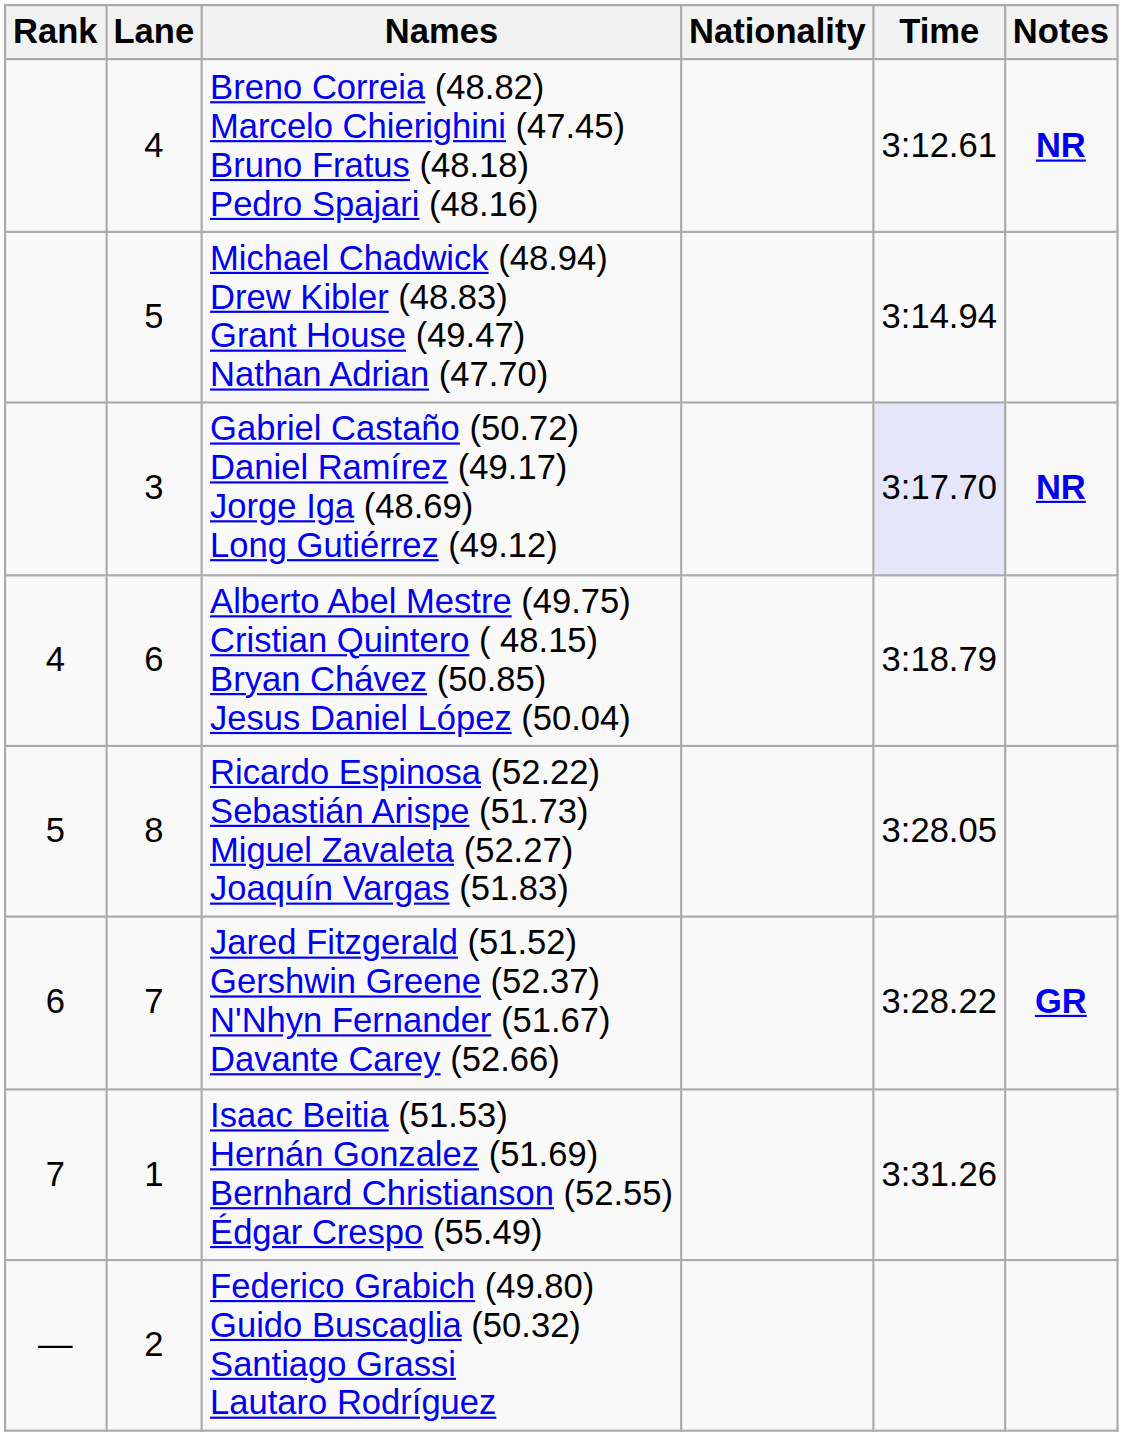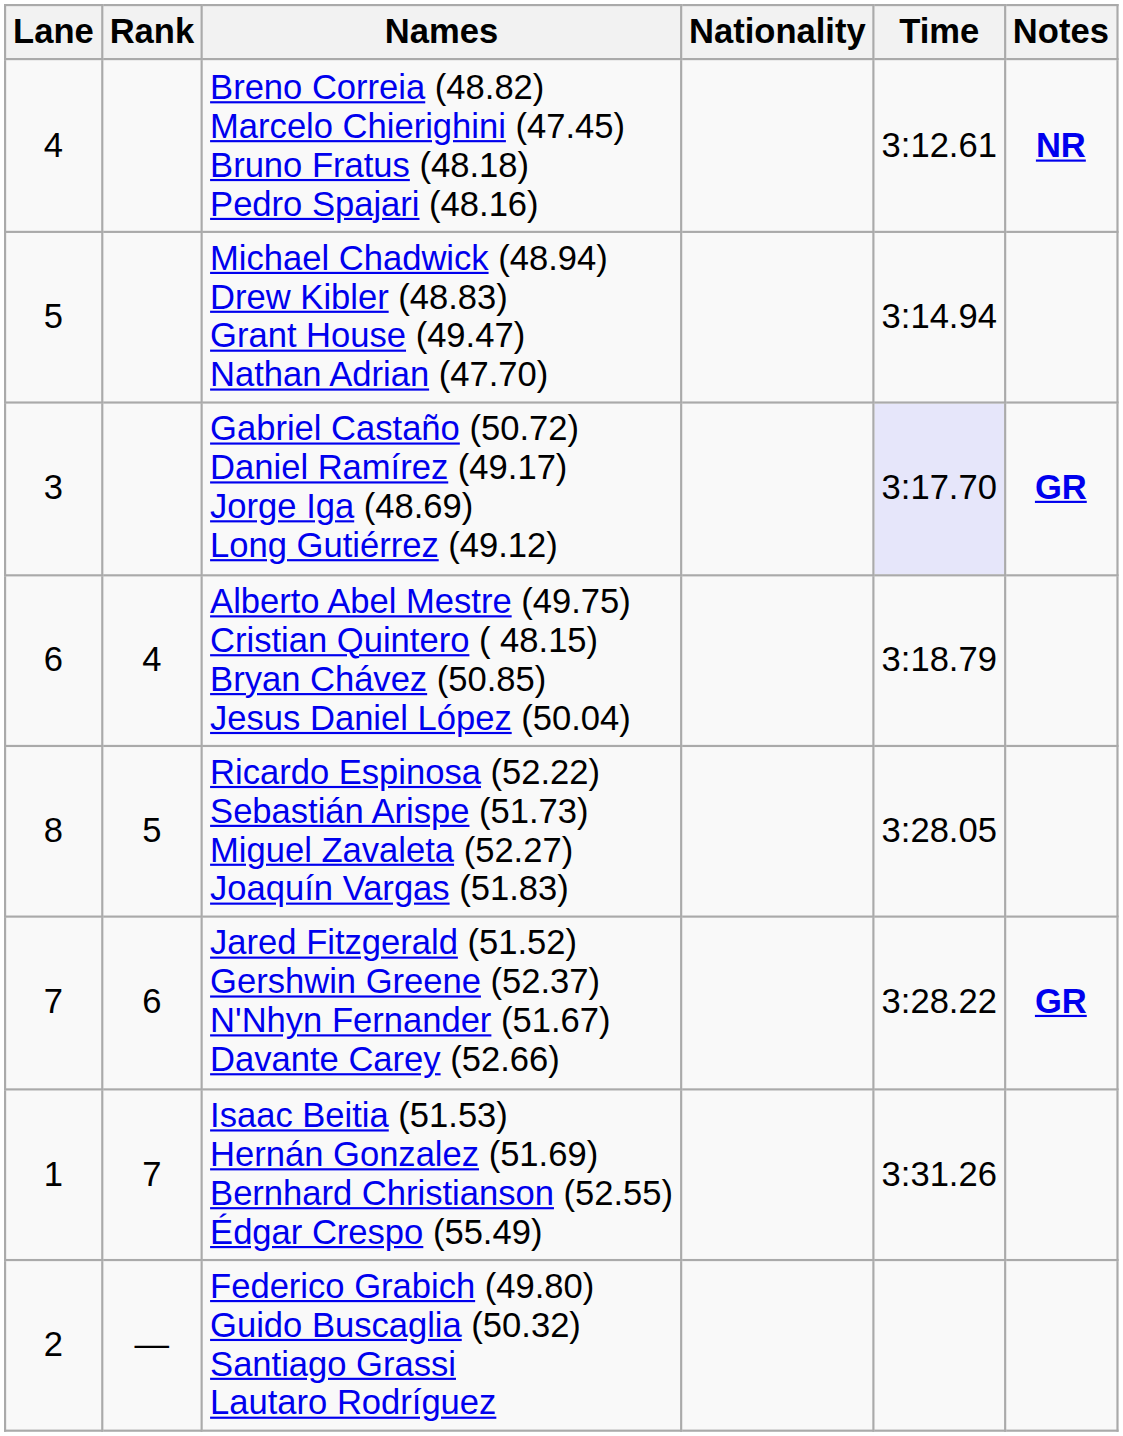 <table class="wikitable sortable" style="text-align:center">
 <tr>
+<th>Lane</th>
 <th>Rank</th>
-<th>Lane</th>
 <th>Names</th>
 <th>Nationality</th>
 <th>Time</th>
 <th>Notes</th>
 </tr>
 <tr>
+<td>4</td>
 <td></td>
-<td>4</td>
 <td align=left><a href='#'>Breno Correia</a> (48.82)<br><a href='#'>Marcelo Chierighini</a> (47.45)<br><a href='#'>Bruno Fratus</a> (48.18)<br><a href='#'>Pedro Spajari</a> (48.16)</td>
 <td align=left></td>
 <td>3:12.61</td>
 <td><strong><a href='#'>NR</a></strong></td>
 </tr>
 <tr>
+<td>5</td>
 <td></td>
-<td>5</td>
 <td align=left><a href='#'>Michael Chadwick</a> (48.94)<br><a href='#'>Drew Kibler</a> (48.83)<br><a href='#'>Grant House</a> (49.47)<br><a href='#'>Nathan Adrian</a> (47.70)</td>
 <td align=left></td>
 <td>3:14.94</td>
 <td></td>
 </tr>
 <tr>
+<td>3</td>
 <td></td>
-<td>3</td>
 <td align=left><a href='#'>Gabriel Castaño</a> (50.72)<br><a href='#'>Daniel Ramírez</a> (49.17)<br><a href='#'>Jorge Iga</a> (48.69)<br><a href='#'>Long Gutiérrez</a> (49.12)</td>
 <td align=left></td>
 <td style="background: lavender;">3:17.70</td>
-<td><strong><a href='#'>NR</a></strong></td>
+<td><strong><a href='#'>GR</a></strong></td>
 </tr>
 <tr>
+<td>6</td>
 <td>4</td>
-<td>6</td>
 <td align=left><a href='#'>Alberto Abel Mestre</a> (49.75)<br><a href='#'>Cristian Quintero</a> ( 48.15)<br><a href='#'>Bryan Chávez</a> (50.85)<br><a href='#'>Jesus Daniel López</a> (50.04)</td>
 <td align=left></td>
 <td>3:18.79</td>
 <td></td>
 </tr>
 <tr>
+<td>8</td>
 <td>5</td>
-<td>8</td>
 <td align=left><a href='#'>Ricardo Espinosa</a> (52.22)<br><a href='#'>Sebastián Arispe</a> (51.73)<br><a href='#'>Miguel Zavaleta</a> (52.27)<br><a href='#'>Joaquín Vargas</a> (51.83)</td>
 <td align=left></td>
 <td>3:28.05</td>
 <td></td>
 </tr>
 <tr>
+<td>7</td>
 <td>6</td>
-<td>7</td>
 <td align=left><a href='#'>Jared Fitzgerald</a> (51.52)<br><a href='#'>Gershwin Greene</a> (52.37)<br><a href='#'>N'Nhyn Fernander</a> (51.67)<br><a href='#'>Davante Carey</a> (52.66)</td>
 <td align=left></td>
 <td>3:28.22</td>
 <td><strong><a href='#'>GR</a></strong></td>
 </tr>
 <tr>
+<td>1</td>
 <td>7</td>
-<td>1</td>
 <td align=left><a href='#'>Isaac Beitia</a> (51.53)<br><a href='#'>Hernán Gonzalez</a> (51.69)<br><a href='#'>Bernhard Christianson</a> (52.55)<br><a href='#'>Édgar Crespo</a> (55.49)</td>
 <td align=left></td>
 <td>3:31.26</td>
 <td></td>
 </tr>
 <tr>
+<td>2</td>
 <td>—</td>
-<td>2</td>
 <td align=left><a href='#'>Federico Grabich</a> (49.80)<br><a href='#'>Guido Buscaglia</a> (50.32)<br><a href='#'>Santiago Grassi</a><br><a href='#'>Lautaro Rodríguez</a></td>
 <td align=left></td>
 <td></td>
 <td></td>
 </tr>
 </table>
